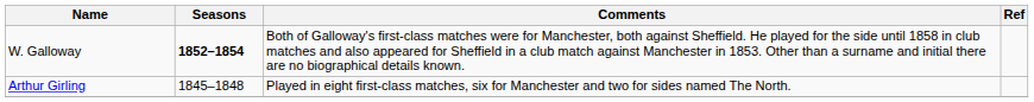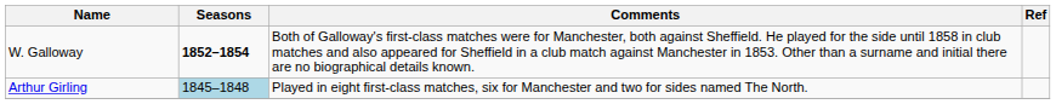 <table class="wikitable">
 <tr>
 <th style="width:200px">Name</th>
 <th style="width: 100px">Seasons</th>
 <th>Comments</th>
 <th>Ref</th>
 </tr>
 <tr>
 <td>W. Galloway</td>
 <td><strong>1852–1854</strong></td>
 <td>Both of Galloway's first-class matches were for Manchester, both against Sheffield. He played for the side until 1858 in club matches and also appeared for Sheffield in a club match against Manchester in 1853. Other than a surname and initial there are no biographical details known.</td>
 <td></td>
 </tr>
 <tr>
 <td><a href='#'>Arthur Girling</a></td>
-<td>1845–1848</td>
+<td style="background: lightblue;">1845–1848</td>
 <td>Played in eight first-class matches, six for Manchester and two for sides named The North.</td>
 <td></td>
 </tr>
 <tr>
 </tr>
 </table>
